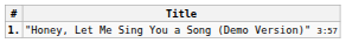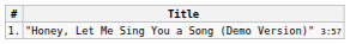 <table class="wikitable">
 <tr>
 <th>#</th>
 <th>Title</th>
 </tr>
 <tr>
-<td><strong>1.</strong></td>
+<td>1.</td>
 <td>"Honey, Let Me Sing You a Song (Demo Version)" <small>3:57</small></td>
 </tr>
 </table>
